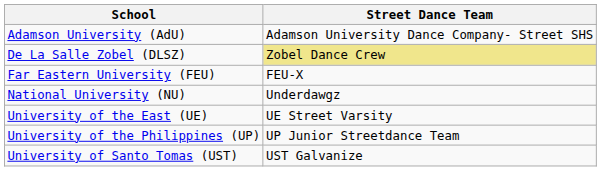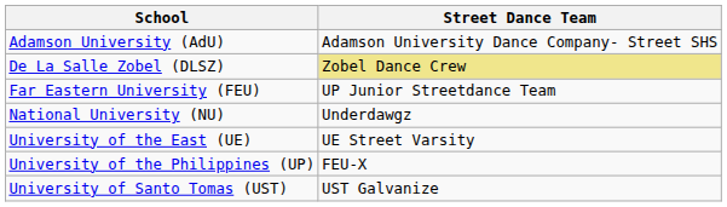 <table class="wikitable" style="text align: center">
 <tr bgcolor="#efefef">
 <th>School</th>
 <th>Street Dance Team</th>
 </tr>
 <tr>
 <td> <a href='#'>Adamson University</a> (AdU)</td>
 <td>Adamson University Dance Company- Street SHS</td>
 </tr>
 <tr>
 <td> <a href='#'>De La Salle Zobel</a> (DLSZ)</td>
 <td style="background: khaki;">Zobel Dance Crew</td>
 </tr>
 <tr>
 <td> <a href='#'>Far Eastern University</a> (FEU)</td>
-<td>FEU-X</td>
+<td>UP Junior Streetdance Team</td>
 </tr>
 <tr>
 <td> <a href='#'>National University</a> (NU)</td>
 <td>Underdawgz</td>
 </tr>
 <tr>
 <td> <a href='#'>University of the East</a> (UE)</td>
 <td>UE Street Varsity</td>
 </tr>
 <tr>
 <td> <a href='#'>University of the Philippines</a> (UP)</td>
-<td>UP Junior Streetdance Team</td>
+<td>FEU-X</td>
 </tr>
 <tr>
 <td> <a href='#'>University of Santo Tomas</a> (UST)</td>
 <td>UST Galvanize</td>
 </tr>
 </table>
